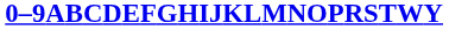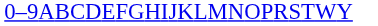 <table id="toc" class="toc" summary="Class">
 <tr>
 <th></th>
 </tr>
 <tr>
-<td style="text-align:center;"><strong><a href='#'>0–9</a><a href='#'>A</a><a href='#'>B</a><a href='#'>C</a><a href='#'>D</a><a href='#'>E</a><a href='#'>F</a><a href='#'>G</a><a href='#'>H</a><a href='#'>I</a><a href='#'>J</a><a href='#'>K</a><a href='#'>L</a><a href='#'>M</a><a href='#'>N</a><a href='#'>O</a><a href='#'>P</a><a href='#'>R</a><a href='#'>S</a><a href='#'>T</a><a href='#'>W</a><a href='#'>Y</a></strong></td>
+<td style="text-align:center;"><a href='#'>0–9</a><a href='#'>A</a><a href='#'>B</a><a href='#'>C</a><a href='#'>D</a><a href='#'>E</a><a href='#'>F</a><a href='#'>G</a><a href='#'>H</a><a href='#'>I</a><a href='#'>J</a><a href='#'>K</a><a href='#'>L</a><a href='#'>M</a><a href='#'>N</a><a href='#'>O</a><a href='#'>P</a><a href='#'>R</a><a href='#'>S</a><a href='#'>T</a><a href='#'>W</a><a href='#'>Y</a></td>
 </tr>
 </table>
